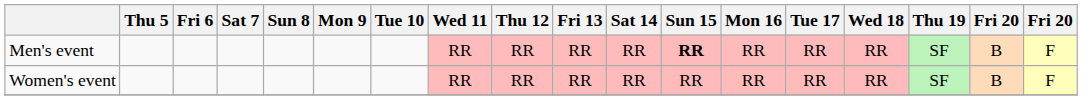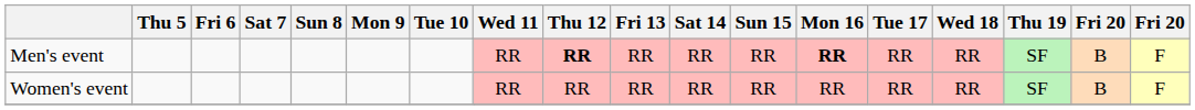 <table class="wikitable" style="margin:0.5em auto; font-size:90%; line-height:1.25em;text-align:center">
 <tr>
 <th></th>
 <th>Thu 5</th>
 <th>Fri 6</th>
 <th>Sat 7</th>
 <th>Sun 8</th>
 <th>Mon 9</th>
 <th>Tue 10</th>
 <th colspan="2">Wed 11</th>
 <th>Thu 12</th>
 <th>Fri 13</th>
 <th>Sat 14</th>
 <th>Sun 15</th>
 <th>Mon 16</th>
 <th>Tue 17</th>
 <th>Wed 18</th>
 <th>Thu 19</th>
 <th>Fri 20</th>
 <th>Fri 20</th>
 </tr>
 <tr>
 <td align="left">Men's event</td>
 <td></td>
 <td></td>
 <td></td>
 <td></td>
 <td></td>
 <td colspan="2"></td>
 <td style="background-color:#FFBBBB">RR</td>
+<td style="background-color:#FFBBBB"><strong>RR</strong></td>
 <td style="background-color:#FFBBBB">RR</td>
 <td style="background-color:#FFBBBB">RR</td>
 <td style="background-color:#FFBBBB">RR</td>
 <td style="background-color:#FFBBBB"><strong>RR</strong></td>
-<td style="background-color:#FFBBBB">RR</td>
 <td style="background-color:#FFBBBB">RR</td>
 <td style="background-color:#FFBBBB">RR</td>
 <td style="background-color:#BBF3BB">SF</td>
 <td style="background-color:#FEDCBA">B</td>
 <td style="background-color:#FFFFBB">F</td>
 </tr>
 <tr>
 <td align="left">Women's event</td>
 <td></td>
 <td></td>
 <td></td>
 <td></td>
 <td></td>
 <td colspan="2"></td>
 <td style="background-color:#FFBBBB">RR</td>
 <td style="background-color:#FFBBBB">RR</td>
 <td style="background-color:#FFBBBB">RR</td>
 <td style="background-color:#FFBBBB">RR</td>
 <td style="background-color:#FFBBBB">RR</td>
 <td style="background-color:#FFBBBB">RR</td>
 <td style="background-color:#FFBBBB">RR</td>
 <td style="background-color:#FFBBBB">RR</td>
 <td style="background-color:#BBF3BB">SF</td>
 <td style="background-color:#FEDCBA">B</td>
 <td style="background-color:#FFFFBB">F</td>
 </tr>
 <tr>
 </tr>
 </table>
